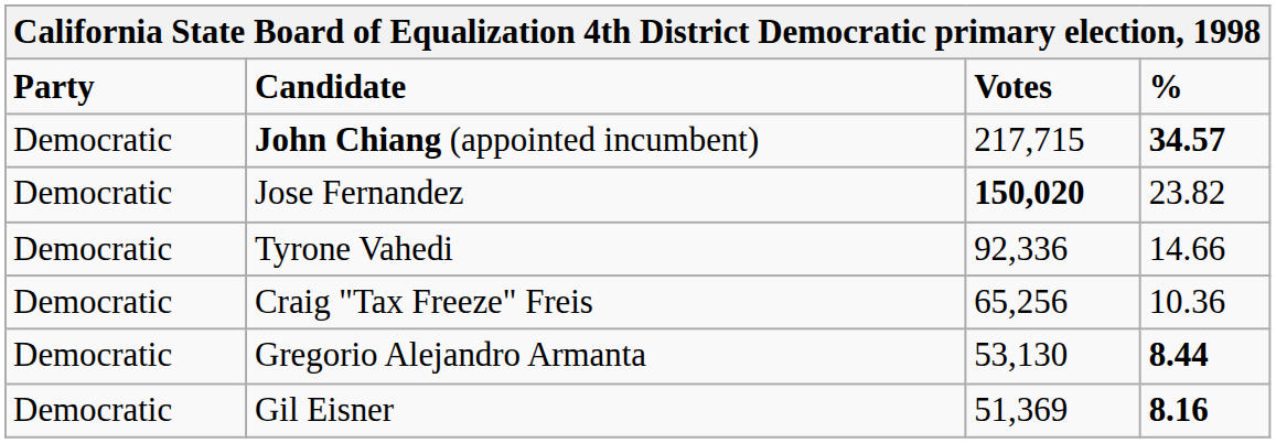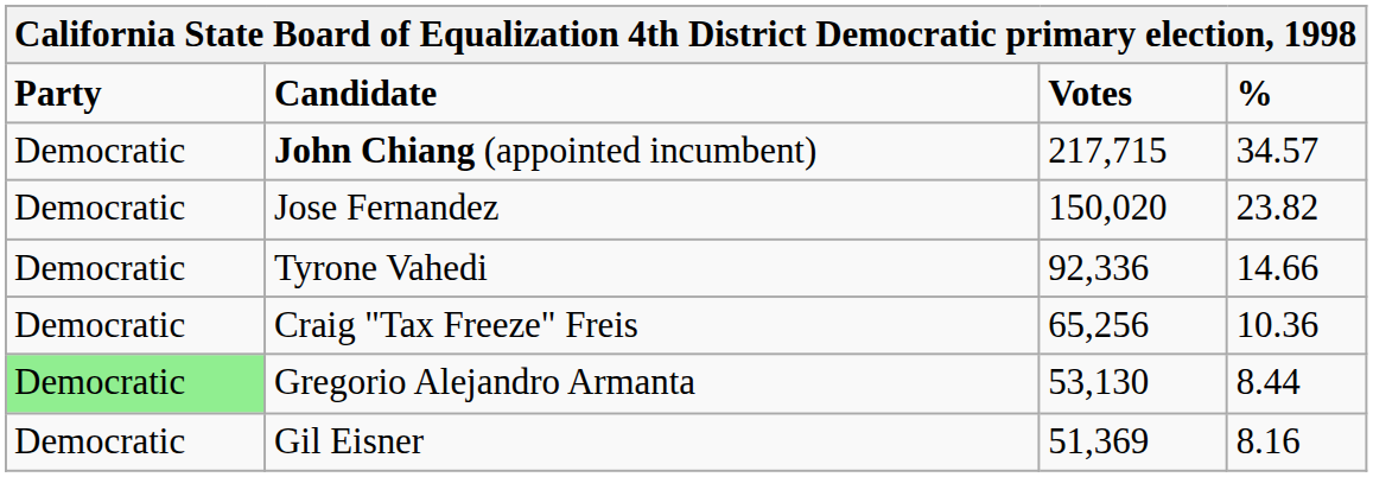 <table class="wikitable">
 <tr>
 <th colspan="4">California State Board of Equalization 4th District Democratic primary election, 1998</th>
 </tr>
 <tr>
 <td><strong>Party</strong></td>
 <td><strong>Candidate</strong></td>
 <td><strong>Votes</strong></td>
 <td><strong>%</strong></td>
 </tr>
 <tr>
 <td>Democratic</td>
 <td><strong>John Chiang</strong> (appointed incumbent)</td>
 <td>217,715</td>
-<td><strong>34.57</strong></td>
+<td>34.57</td>
 </tr>
 <tr>
 <td>Democratic</td>
 <td>Jose Fernandez</td>
-<td><strong>150,020</strong></td>
+<td>150,020</td>
 <td>23.82</td>
 </tr>
 <tr>
 <td>Democratic</td>
 <td>Tyrone Vahedi</td>
 <td>92,336</td>
 <td>14.66</td>
 </tr>
 <tr>
 <td>Democratic</td>
 <td>Craig "Tax Freeze" Freis</td>
 <td>65,256</td>
 <td>10.36</td>
 </tr>
 <tr>
-<td>Democratic</td>
+<td style="background: lightgreen;">Democratic</td>
 <td>Gregorio Alejandro Armanta</td>
 <td>53,130</td>
-<td><strong>8.44</strong></td>
+<td>8.44</td>
 </tr>
 <tr>
 <td>Democratic</td>
 <td>Gil Eisner</td>
 <td>51,369</td>
-<td><strong>8.16</strong></td>
+<td>8.16</td>
 </tr>
 </table>
